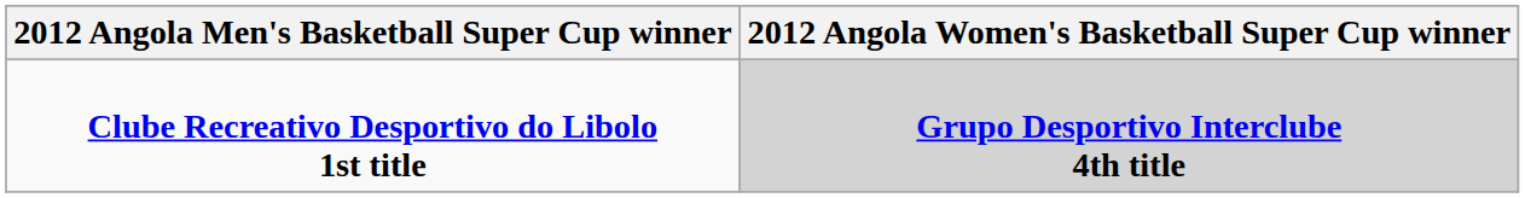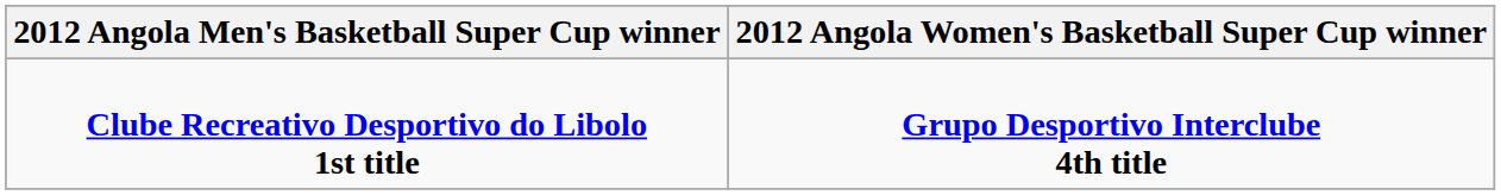 <table class=wikitable style="text-align:center; margin:auto">
 <tr>
 <th>2012 Angola Men's Basketball Super Cup winner</th>
 <th>2012 Angola Women's Basketball Super Cup winner</th>
 </tr>
 <tr>
 <td><br><strong><a href='#'>Clube Recreativo Desportivo do Libolo</a></strong><br><strong>1st title</strong></td>
-<td style="background: lightgrey;"><br><strong><a href='#'>Grupo Desportivo Interclube</a></strong><br><strong>4th title</strong></td>
+<td><br><strong><a href='#'>Grupo Desportivo Interclube</a></strong><br><strong>4th title</strong></td>
 </tr>
 </table>
